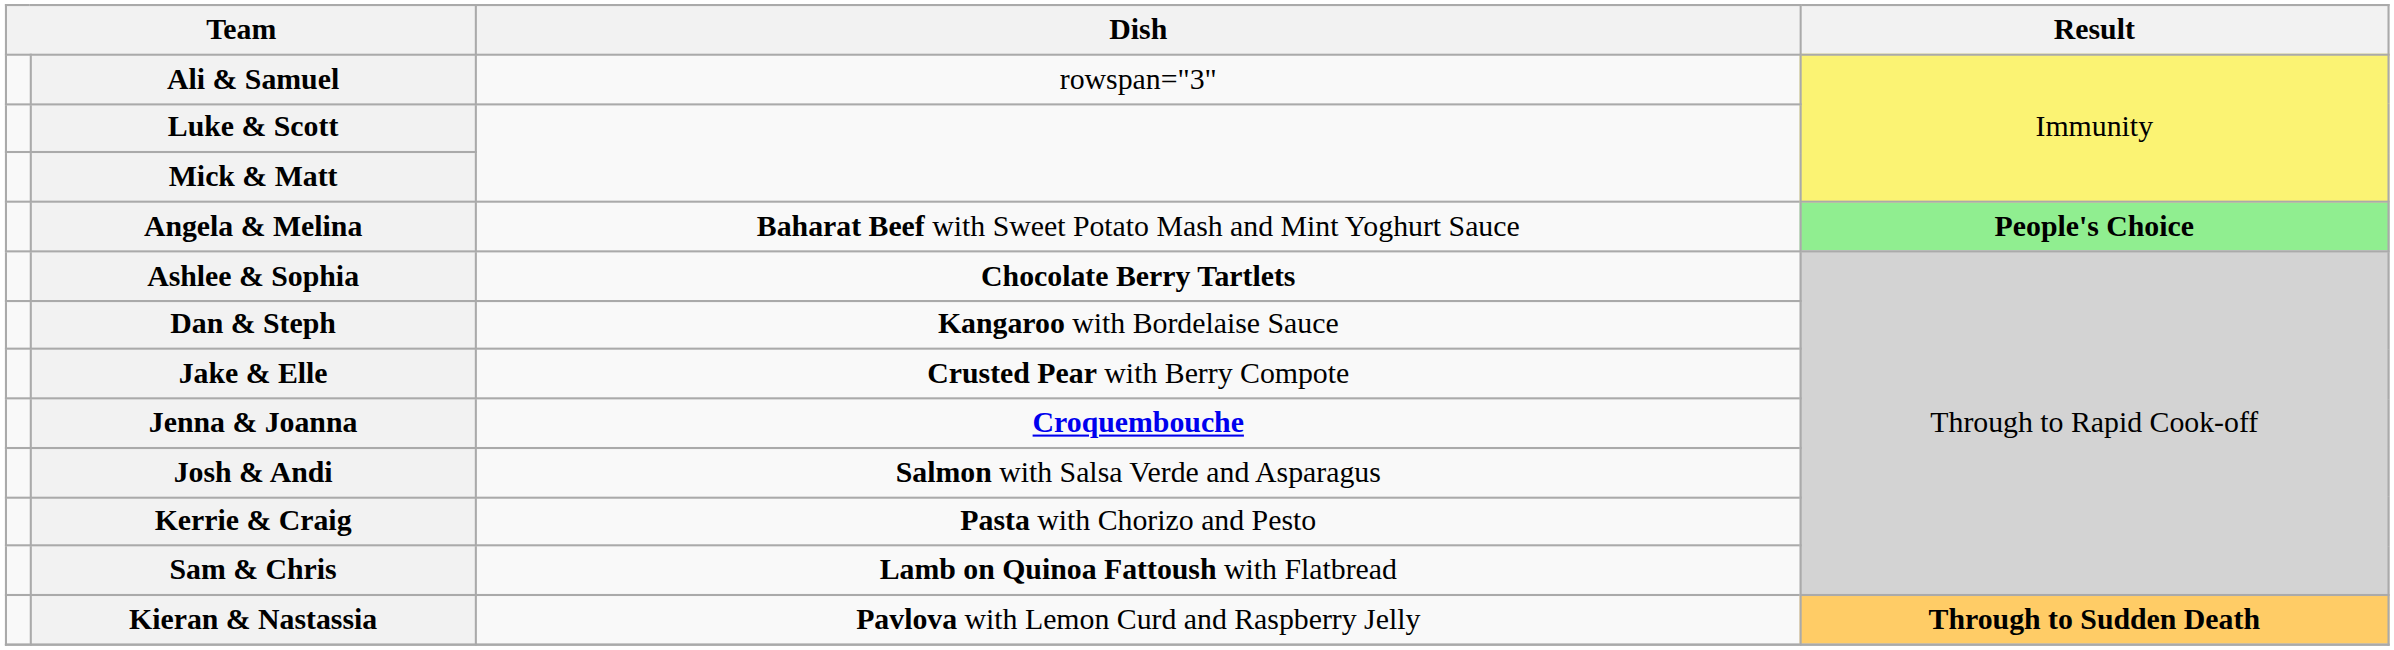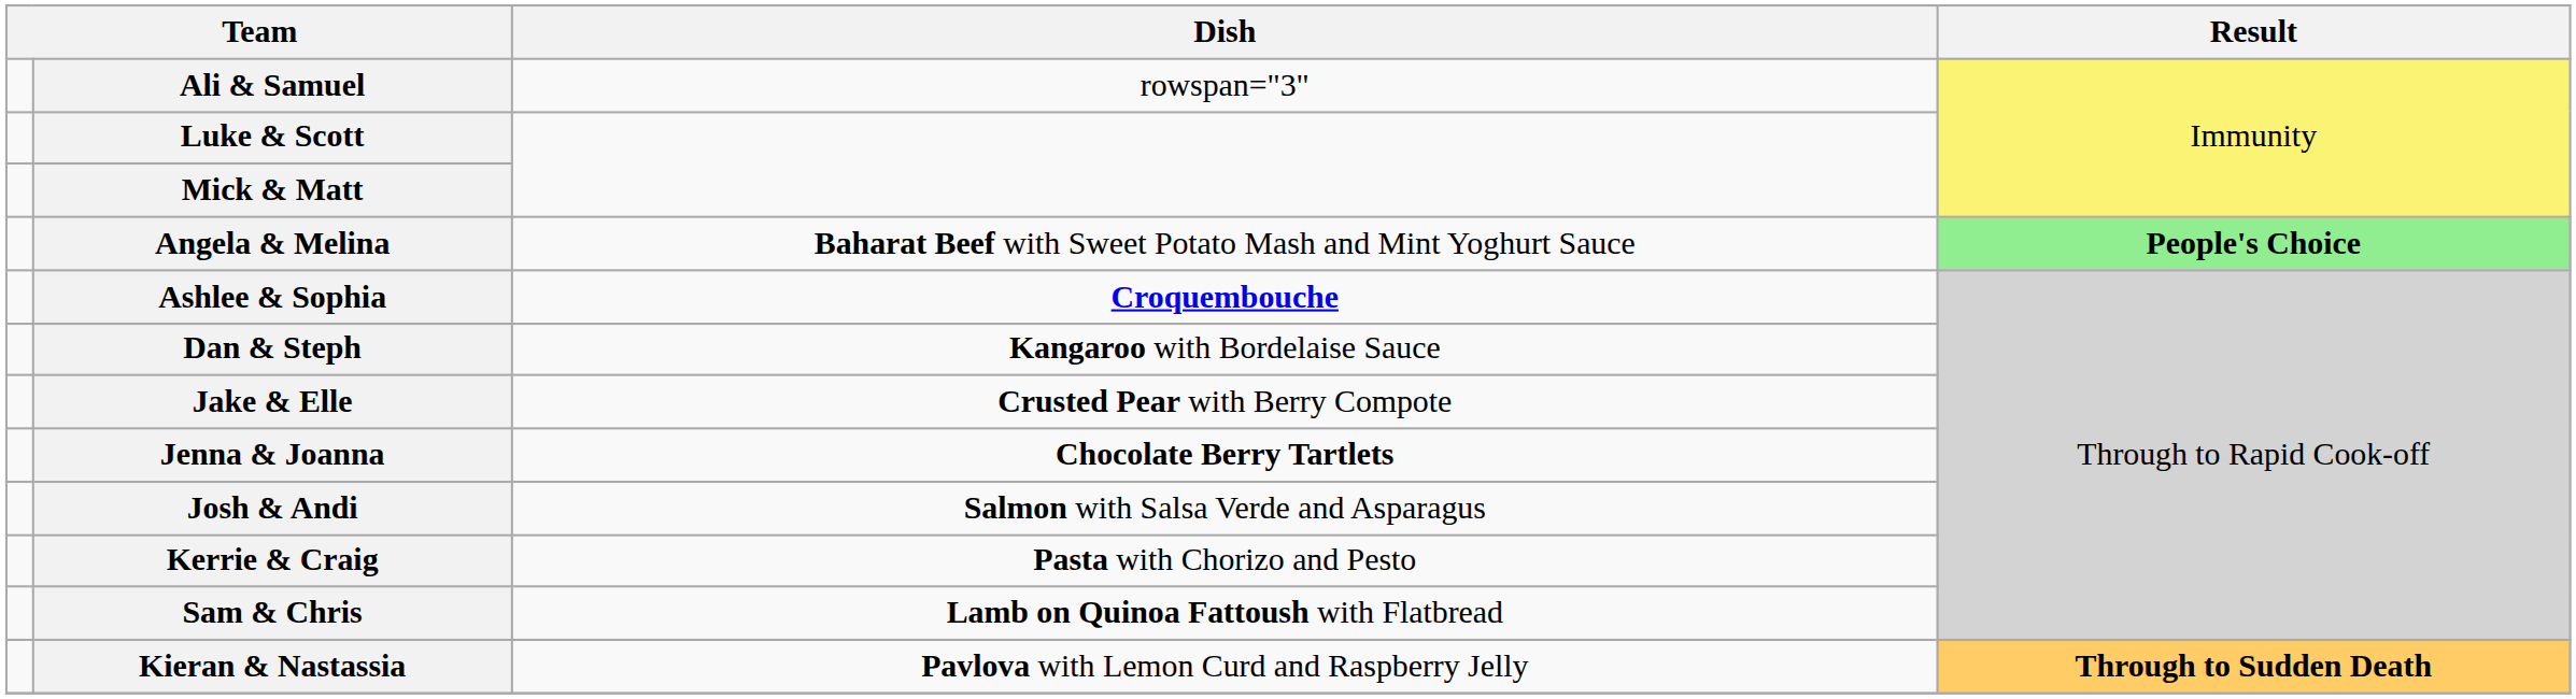 <table class="wikitable plainrowheaders" style="margin:1em auto; text-align:center; font-size:90%; width:80em;">
 <tr>
 <th colspan="2">Team</th>
 <th>Dish</th>
 <th>Result</th>
 </tr>
 <tr>
 <td></td>
 <th>Ali & Samuel</th>
 <td>rowspan="3" </td>
 <td style="background:#FBF373" rowspan="3">Immunity</td>
 </tr>
 <tr>
 <td></td>
 <th>Luke & Scott</th>
 </tr>
 <tr>
 <td></td>
 <th>Mick & Matt</th>
 </tr>
 <tr>
 <td></td>
 <th>Angela & Melina</th>
 <td><strong>Baharat Beef</strong> with Sweet Potato Mash and Mint Yoghurt Sauce</td>
 <td style="background:lightgreen;"><strong>People's Choice</strong></td>
 </tr>
 <tr>
 <td></td>
 <th>Ashlee & Sophia</th>
-<td><strong>Chocolate Berry Tartlets</strong></td>
+<td><strong><a href='#'>Croquembouche</a></strong></td>
 <td rowspan="7" bgcolor=lightgray>Through to Rapid Cook-off</td>
 </tr>
 <tr>
 <td></td>
 <th>Dan & Steph</th>
 <td><strong>Kangaroo</strong> with Bordelaise Sauce</td>
 </tr>
 <tr>
 <td></td>
 <th>Jake & Elle</th>
 <td><strong>Crusted Pear</strong> with Berry Compote</td>
 </tr>
 <tr>
 <td></td>
 <th>Jenna & Joanna</th>
-<td><strong><a href='#'>Croquembouche</a></strong></td>
+<td><strong>Chocolate Berry Tartlets</strong></td>
 </tr>
 <tr>
 <td></td>
 <th>Josh & Andi</th>
 <td><strong>Salmon</strong> with Salsa Verde and Asparagus</td>
 </tr>
 <tr>
 <td></td>
 <th>Kerrie & Craig</th>
 <td><strong>Pasta</strong> with Chorizo and Pesto</td>
 </tr>
 <tr>
 <td></td>
 <th>Sam & Chris</th>
 <td><strong>Lamb on Quinoa Fattoush</strong> with Flatbread</td>
 </tr>
 <tr>
 <td></td>
 <th>Kieran & Nastassia</th>
 <td><strong>Pavlova</strong> with Lemon Curd and Raspberry Jelly</td>
 <td style="background:#FFCC66;"><strong>Through to Sudden Death</strong></td>
 </tr>
 <tr>
 </tr>
 </table>
